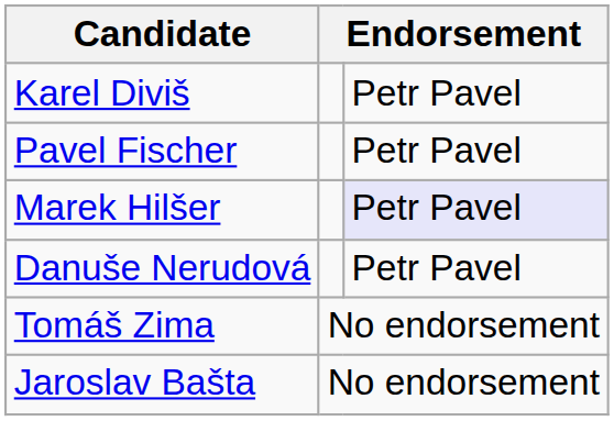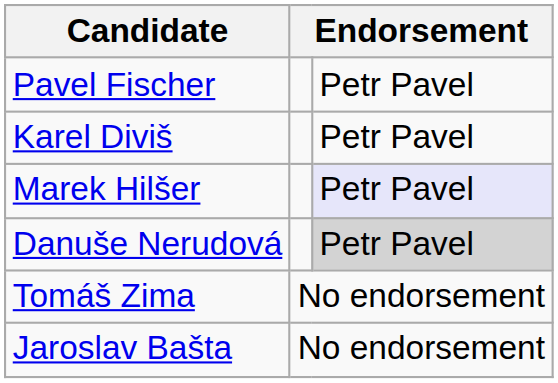 <table class="wikitable">
 <tr>
 <th>Candidate</th>
 <th colspan="2">Endorsement</th>
 </tr>
 <tr>
-<td><a href='#'>Karel Diviš</a></td>
+<td><a href='#'>Pavel Fischer</a></td>
 <td style="color:inherit;background-color: "></td>
 <td>Petr Pavel</td>
 </tr>
 <tr>
-<td><a href='#'>Pavel Fischer</a></td>
+<td><a href='#'>Karel Diviš</a></td>
 <td style="color:inherit;background-color: "></td>
 <td>Petr Pavel</td>
 </tr>
 <tr>
 <td><a href='#'>Marek Hilšer</a></td>
 <td style="color:inherit;background-color: "></td>
 <td style="background: lavender;">Petr Pavel</td>
 </tr>
 <tr>
 <td><a href='#'>Danuše Nerudová</a></td>
 <td style="color:inherit;background-color: "></td>
-<td>Petr Pavel</td>
+<td style="background: lightgrey;">Petr Pavel</td>
 </tr>
 <tr>
 <td><a href='#'>Tomáš Zima</a></td>
 <td colspan="2">No endorsement</td>
 </tr>
 <tr>
 <td><a href='#'>Jaroslav Bašta</a></td>
 <td colspan="2">No endorsement</td>
 </tr>
 </table>
